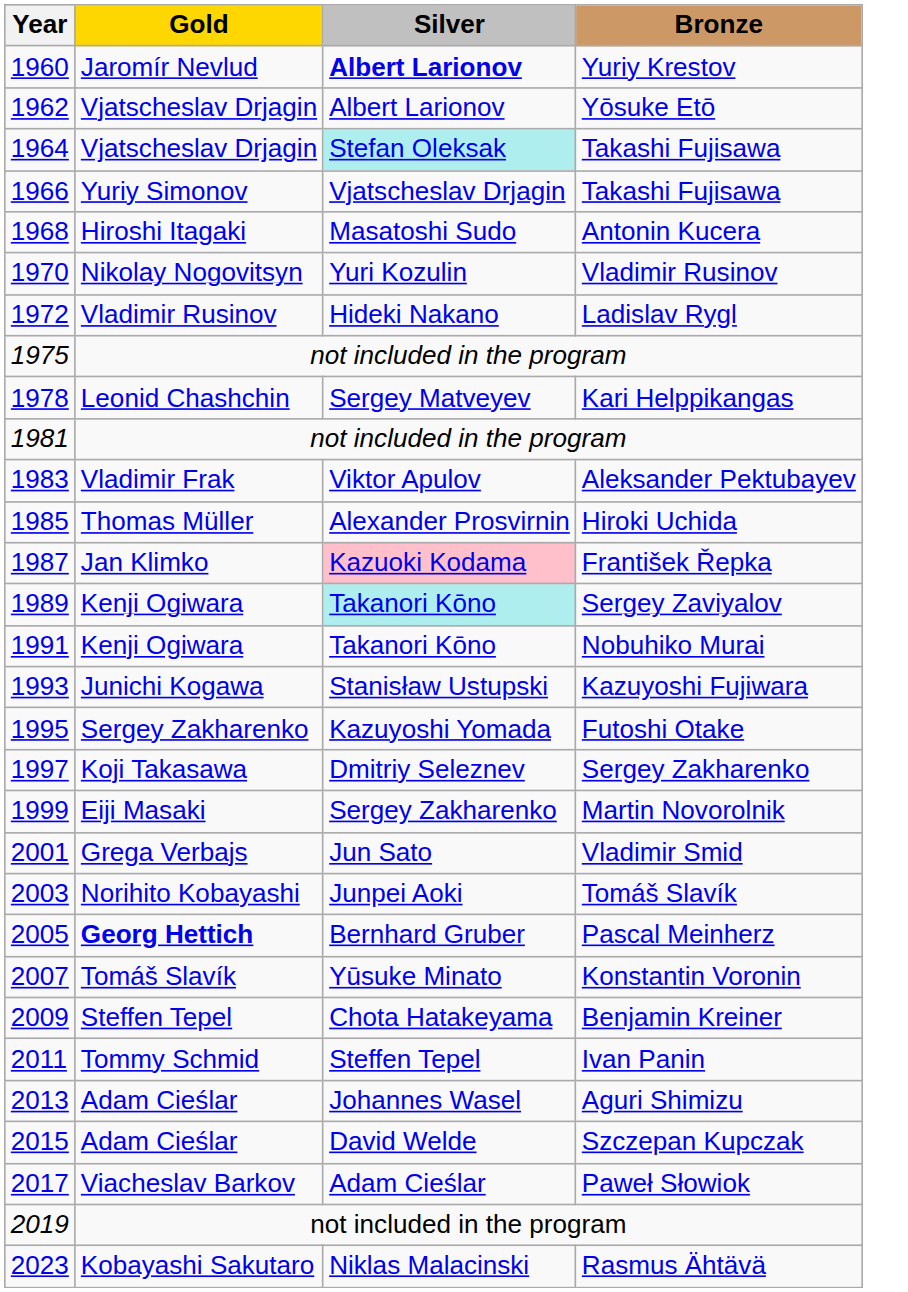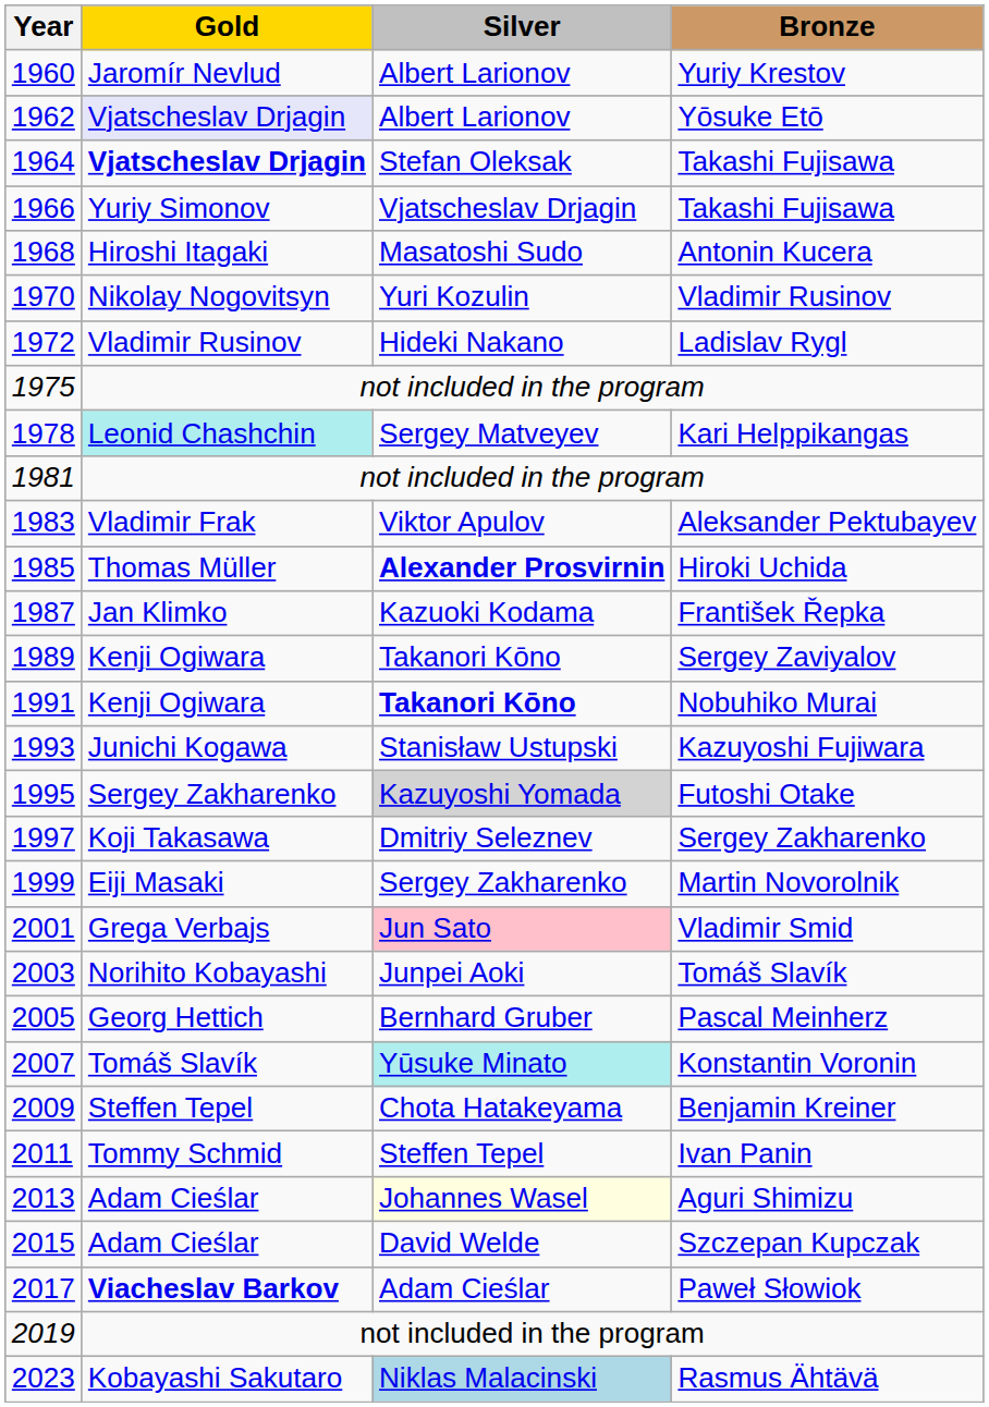 <table class="wikitable">
 <tr>
 <th>Year</th>
 <td align=center bgcolor=gold><strong>Gold</strong></td>
 <td align=center bgcolor=silver><strong>Silver</strong></td>
 <td align=center bgcolor=cc9966><strong>Bronze</strong></td>
 </tr>
 <tr>
 <td><a href='#'>1960</a></td>
 <td> <a href='#'>Jaromír Nevlud</a></td>
-<td><strong> <a href='#'>Albert Larionov</a></strong></td>
+<td> <a href='#'>Albert Larionov</a></td>
 <td> <a href='#'>Yuriy Krestov</a></td>
 </tr>
 <tr>
 <td><a href='#'>1962</a></td>
-<td> <a href='#'>Vjatscheslav Drjagin</a></td>
+<td style="background: lavender;"> <a href='#'>Vjatscheslav Drjagin</a></td>
 <td> <a href='#'>Albert Larionov</a></td>
 <td> <a href='#'>Yōsuke Etō</a></td>
 </tr>
 <tr>
 <td><a href='#'>1964</a></td>
-<td> <a href='#'>Vjatscheslav Drjagin</a></td>
-<td style="background: paleturquoise;"> <a href='#'>Stefan Oleksak</a></td>
+<td><strong> <a href='#'>Vjatscheslav Drjagin</a></strong></td>
+<td> <a href='#'>Stefan Oleksak</a></td>
 <td> <a href='#'>Takashi Fujisawa</a></td>
 </tr>
 <tr>
 <td><a href='#'>1966</a></td>
 <td> <a href='#'>Yuriy Simonov</a></td>
 <td> <a href='#'>Vjatscheslav Drjagin</a></td>
 <td> <a href='#'>Takashi Fujisawa</a></td>
 </tr>
 <tr>
 <td><a href='#'>1968</a></td>
 <td> <a href='#'>Hiroshi Itagaki</a></td>
 <td> <a href='#'>Masatoshi Sudo</a></td>
 <td> <a href='#'>Antonin Kucera</a></td>
 </tr>
 <tr>
 <td><a href='#'>1970</a></td>
 <td> <a href='#'>Nikolay Nogovitsyn</a></td>
 <td> <a href='#'>Yuri Kozulin</a></td>
 <td> <a href='#'>Vladimir Rusinov</a></td>
 </tr>
 <tr>
 <td><a href='#'>1972</a></td>
 <td> <a href='#'>Vladimir Rusinov</a></td>
 <td> <a href='#'>Hideki Nakano</a></td>
 <td> <a href='#'>Ladislav Rygl</a></td>
 </tr>
 <tr>
 <td><em>1975</em></td>
 <td colspan=3 align=center><em>not included in the program</em></td>
 </tr>
 <tr>
 <td><a href='#'>1978</a></td>
-<td> <a href='#'>Leonid Chashchin</a></td>
+<td style="background: paleturquoise;"> <a href='#'>Leonid Chashchin</a></td>
 <td> <a href='#'>Sergey Matveyev</a></td>
 <td> <a href='#'>Kari Helppikangas</a></td>
 </tr>
 <tr>
 <td><em>1981</em></td>
 <td colspan=3 align=center><em>not included in the program</em></td>
 </tr>
 <tr>
 <td><a href='#'>1983</a></td>
 <td> <a href='#'>Vladimir Frak</a></td>
 <td> <a href='#'>Viktor Apulov</a></td>
 <td> <a href='#'>Aleksander Pektubayev</a></td>
 </tr>
 <tr>
 <td><a href='#'>1985</a></td>
 <td> <a href='#'>Thomas Müller</a></td>
-<td> <a href='#'>Alexander Prosvirnin</a></td>
+<td><strong> <a href='#'>Alexander Prosvirnin</a></strong></td>
 <td> <a href='#'>Hiroki Uchida</a></td>
 </tr>
 <tr>
 <td><a href='#'>1987</a></td>
 <td> <a href='#'>Jan Klimko</a></td>
-<td style="background: pink;"> <a href='#'>Kazuoki Kodama</a></td>
+<td> <a href='#'>Kazuoki Kodama</a></td>
 <td> <a href='#'>František Řepka</a></td>
 </tr>
 <tr>
 <td><a href='#'>1989</a></td>
 <td> <a href='#'>Kenji Ogiwara</a></td>
-<td style="background: paleturquoise;"> <a href='#'>Takanori Kōno</a></td>
+<td> <a href='#'>Takanori Kōno</a></td>
 <td> <a href='#'>Sergey Zaviyalov</a></td>
 </tr>
 <tr>
 <td><a href='#'>1991</a></td>
 <td> <a href='#'>Kenji Ogiwara</a></td>
-<td> <a href='#'>Takanori Kōno</a></td>
+<td><strong> <a href='#'>Takanori Kōno</a></strong></td>
 <td> <a href='#'>Nobuhiko Murai</a></td>
 </tr>
 <tr>
 <td><a href='#'>1993</a></td>
 <td> <a href='#'>Junichi Kogawa</a></td>
 <td> <a href='#'>Stanisław Ustupski</a></td>
 <td> <a href='#'>Kazuyoshi Fujiwara</a></td>
 </tr>
 <tr>
 <td><a href='#'>1995</a></td>
 <td> <a href='#'>Sergey Zakharenko</a></td>
-<td> <a href='#'>Kazuyoshi Yomada</a></td>
+<td style="background: lightgrey;"> <a href='#'>Kazuyoshi Yomada</a></td>
 <td> <a href='#'>Futoshi Otake</a></td>
 </tr>
 <tr>
 <td><a href='#'>1997</a></td>
 <td> <a href='#'>Koji Takasawa</a></td>
 <td> <a href='#'>Dmitriy Seleznev</a></td>
 <td> <a href='#'>Sergey Zakharenko</a></td>
 </tr>
 <tr>
 <td><a href='#'>1999</a></td>
 <td> <a href='#'>Eiji Masaki</a></td>
 <td> <a href='#'>Sergey Zakharenko</a></td>
 <td> <a href='#'>Martin Novorolnik</a></td>
 </tr>
 <tr>
 <td><a href='#'>2001</a></td>
 <td> <a href='#'>Grega Verbajs</a></td>
-<td> <a href='#'>Jun Sato</a></td>
+<td style="background: pink;"> <a href='#'>Jun Sato</a></td>
 <td> <a href='#'>Vladimir Smid</a></td>
 </tr>
 <tr>
 <td><a href='#'>2003</a></td>
 <td> <a href='#'>Norihito Kobayashi</a></td>
 <td> <a href='#'>Junpei Aoki</a></td>
 <td> <a href='#'>Tomáš Slavík</a></td>
 </tr>
 <tr>
 <td><a href='#'>2005</a></td>
-<td><strong> <a href='#'>Georg Hettich</a></strong></td>
+<td> <a href='#'>Georg Hettich</a></td>
 <td> <a href='#'>Bernhard Gruber</a></td>
 <td> <a href='#'>Pascal Meinherz</a></td>
 </tr>
 <tr>
 <td><a href='#'>2007</a></td>
 <td> <a href='#'>Tomáš Slavík</a></td>
-<td> <a href='#'>Yūsuke Minato</a></td>
+<td style="background: paleturquoise;"> <a href='#'>Yūsuke Minato</a></td>
 <td> <a href='#'>Konstantin Voronin</a></td>
 </tr>
 <tr>
 <td><a href='#'>2009</a></td>
 <td> <a href='#'>Steffen Tepel</a></td>
 <td> <a href='#'>Chota Hatakeyama</a></td>
 <td> <a href='#'>Benjamin Kreiner</a></td>
 </tr>
 <tr>
 <td><a href='#'>2011</a></td>
 <td> <a href='#'>Tommy Schmid</a></td>
 <td> <a href='#'>Steffen Tepel</a></td>
 <td> <a href='#'>Ivan Panin</a></td>
 </tr>
 <tr>
 <td><a href='#'>2013</a></td>
 <td> <a href='#'>Adam Cieślar</a></td>
-<td> <a href='#'>Johannes Wasel</a></td>
+<td style="background: lightyellow;"> <a href='#'>Johannes Wasel</a></td>
 <td> <a href='#'>Aguri Shimizu</a></td>
 </tr>
 <tr>
 <td><a href='#'>2015</a></td>
 <td> <a href='#'>Adam Cieślar</a></td>
 <td> <a href='#'>David Welde</a></td>
 <td> <a href='#'>Szczepan Kupczak</a></td>
 </tr>
 <tr>
 <td><a href='#'>2017</a></td>
-<td> <a href='#'>Viacheslav Barkov</a></td>
+<td><strong> <a href='#'>Viacheslav Barkov</a></strong></td>
 <td> <a href='#'>Adam Cieślar</a></td>
 <td> <a href='#'>Paweł Słowiok</a></td>
 </tr>
 <tr>
 <td><em>2019</td>
 <td colspan=3 align=center></em>not included in the program<em></td>
 </tr>
 <tr>
 <td><a href='#'>2023</a></td>
 <td> <a href='#'>Kobayashi Sakutaro</a></td>
-<td> <a href='#'>Niklas Malacinski</a></td>
+<td style="background: lightblue;"> <a href='#'>Niklas Malacinski</a></td>
 <td> <a href='#'>Rasmus Ähtävä</a></td>
 </tr>
 </table>
